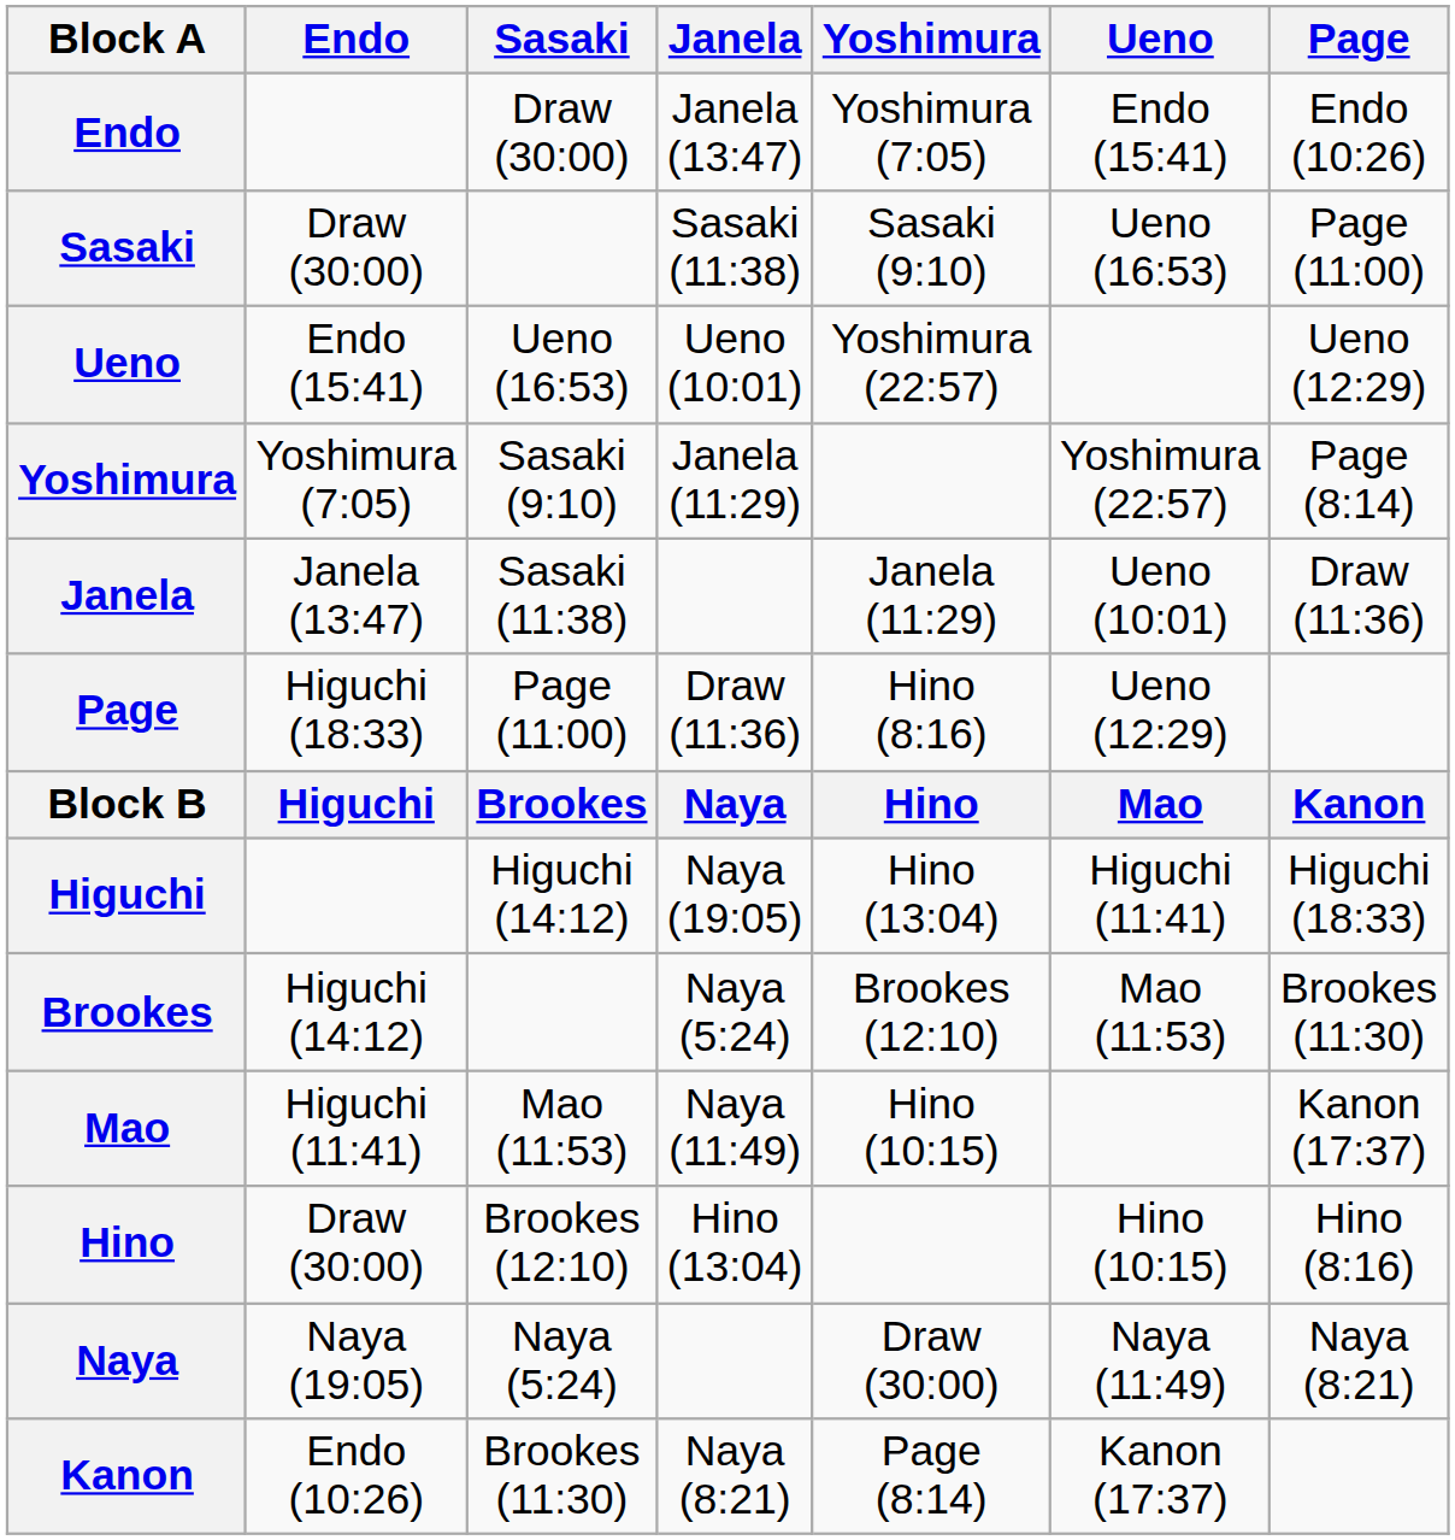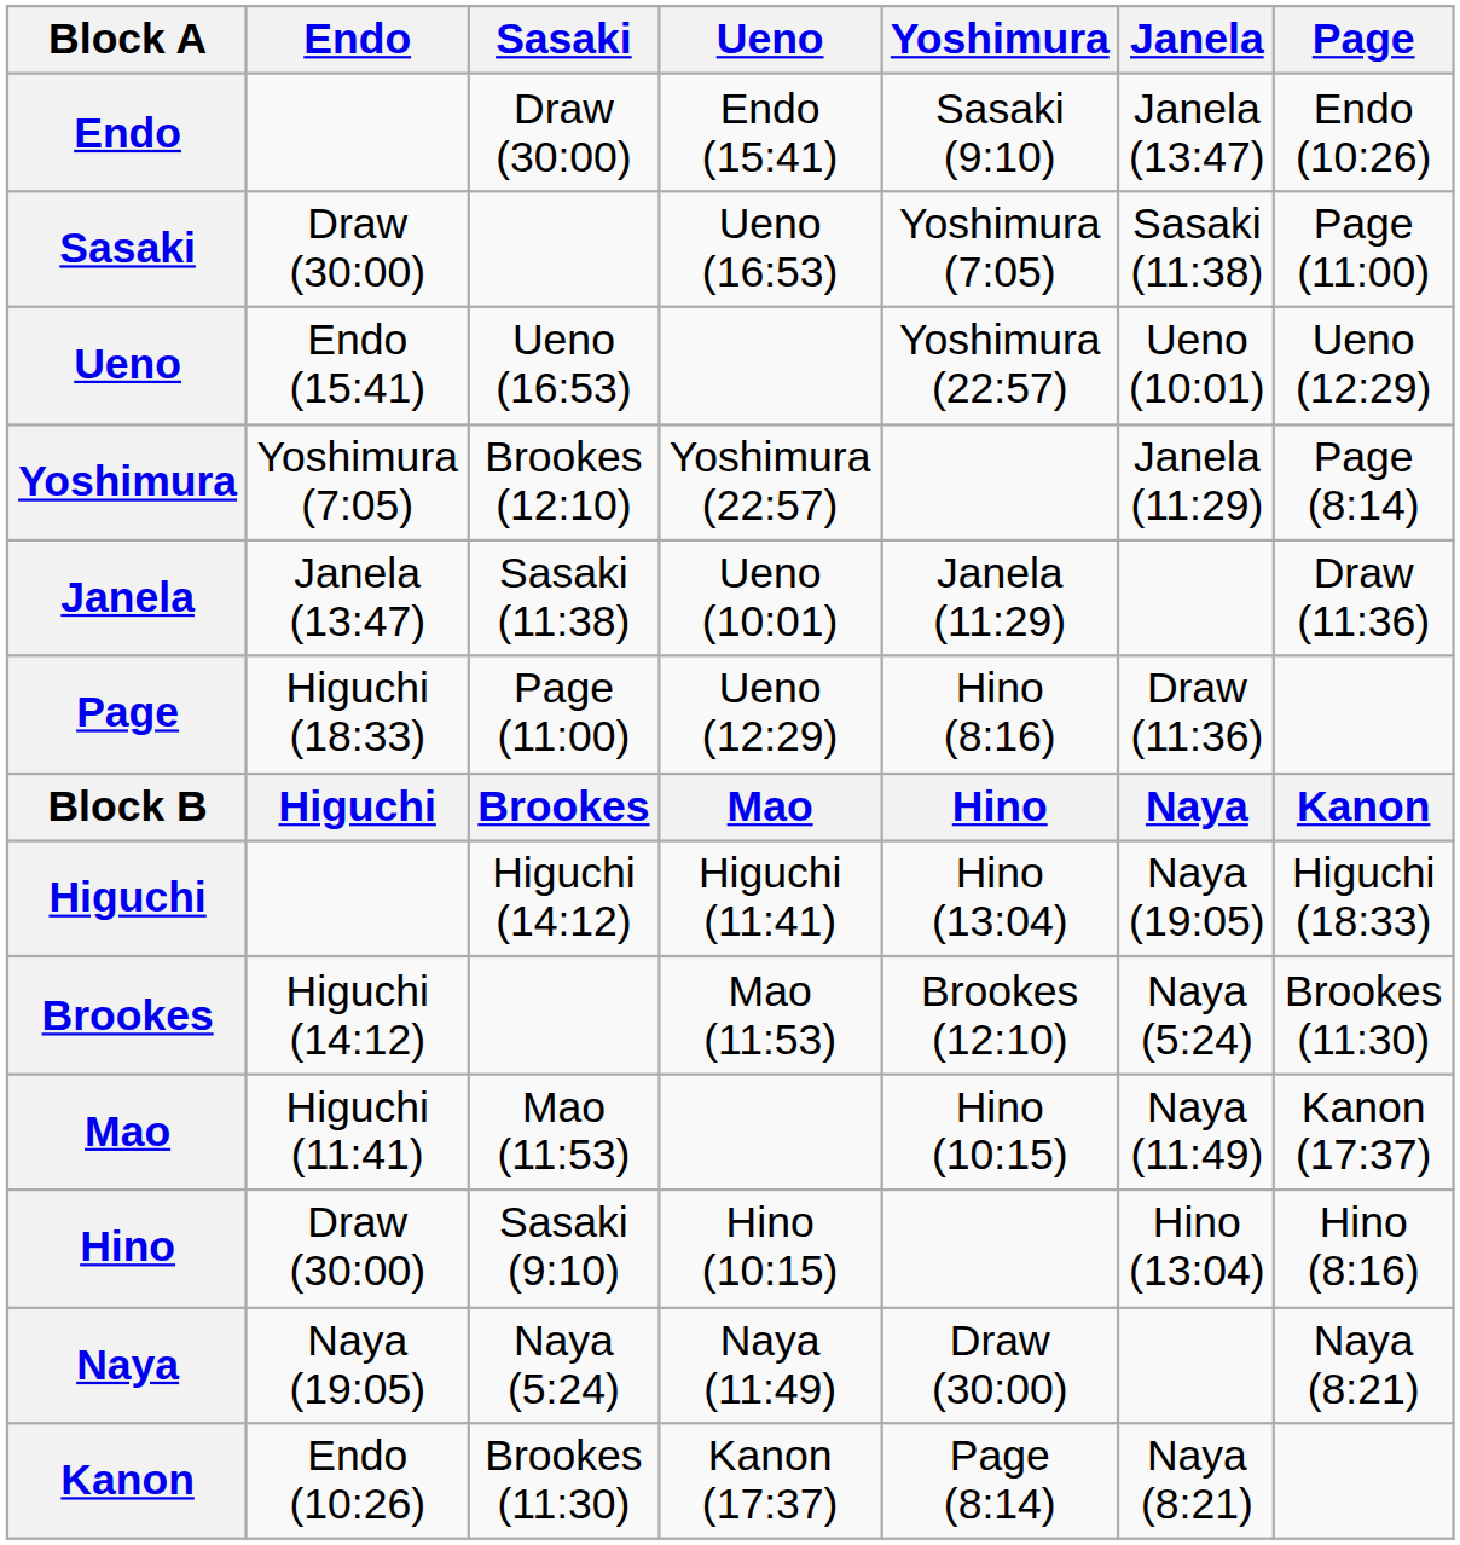 <table class="wikitable" style="margin: 1em auto 1em auto">
 <tr align="center">
 <th>Block A</th>
 <th><a href='#'>Endo</a></th>
 <th><a href='#'>Sasaki</a></th>
+<th><a href='#'>Ueno</a></th>
+<th><a href='#'>Yoshimura</a></th>
 <th><a href='#'>Janela</a></th>
-<th><a href='#'>Yoshimura</a></th>
-<th><a href='#'>Ueno</a></th>
 <th><a href='#'>Page</a></th>
 </tr>
 <tr align="center">
 <th><a href='#'>Endo</a></th>
 <td></td>
 <td>Draw<br>(30:00)</td>
+<td>Endo<br>(15:41)</td>
+<td>Sasaki<br>(9:10)</td>
 <td>Janela<br>(13:47)</td>
-<td>Yoshimura<br>(7:05)</td>
-<td>Endo<br>(15:41)</td>
 <td>Endo<br>(10:26)</td>
 </tr>
 <tr align="center">
 <th><a href='#'>Sasaki</a></th>
 <td>Draw<br>(30:00)</td>
 <td></td>
+<td>Ueno<br>(16:53)</td>
+<td>Yoshimura<br>(7:05)</td>
 <td>Sasaki<br>(11:38)</td>
-<td>Sasaki<br>(9:10)</td>
-<td>Ueno<br>(16:53)</td>
 <td>Page<br>(11:00)</td>
 </tr>
 <tr align="center">
 <th><a href='#'>Ueno</a></th>
 <td>Endo<br>(15:41)</td>
 <td>Ueno<br>(16:53)</td>
+<td></td>
+<td>Yoshimura<br>(22:57)</td>
 <td>Ueno<br>(10:01)</td>
-<td>Yoshimura<br>(22:57)</td>
-<td></td>
 <td>Ueno<br>(12:29)</td>
 </tr>
 <tr align="center">
 <th><a href='#'>Yoshimura</a></th>
 <td>Yoshimura<br>(7:05)</td>
-<td>Sasaki<br>(9:10)</td>
+<td>Brookes<br>(12:10)</td>
+<td>Yoshimura<br>(22:57)</td>
+<td></td>
 <td>Janela<br>(11:29)</td>
-<td></td>
-<td>Yoshimura<br>(22:57)</td>
 <td>Page<br>(8:14)</td>
 </tr>
 <tr align="center">
 <th><a href='#'>Janela</a></th>
 <td>Janela<br>(13:47)</td>
 <td>Sasaki<br>(11:38)</td>
+<td>Ueno<br>(10:01)</td>
+<td>Janela<br>(11:29)</td>
 <td></td>
-<td>Janela<br>(11:29)</td>
-<td>Ueno<br>(10:01)</td>
 <td>Draw<br>(11:36)</td>
 </tr>
 <tr align="center">
 <th><a href='#'>Page</a></th>
 <td>Higuchi<br>(18:33)</td>
 <td>Page<br>(11:00)</td>
+<td>Ueno<br>(12:29)</td>
+<td>Hino<br>(8:16)</td>
 <td>Draw<br>(11:36)</td>
-<td>Hino<br>(8:16)</td>
-<td>Ueno<br>(12:29)</td>
 <td></td>
 </tr>
 <tr align="center">
 <th>Block B</th>
 <th><a href='#'>Higuchi</a></th>
 <th><a href='#'>Brookes</a></th>
+<th><a href='#'>Mao</a></th>
+<th><a href='#'>Hino</a></th>
 <th><a href='#'>Naya</a></th>
-<th><a href='#'>Hino</a></th>
-<th><a href='#'>Mao</a></th>
 <th><a href='#'>Kanon</a></th>
 </tr>
 <tr align="center">
 <th><a href='#'>Higuchi</a></th>
 <td></td>
 <td>Higuchi<br>(14:12)</td>
+<td>Higuchi<br>(11:41)</td>
+<td>Hino<br>(13:04)</td>
 <td>Naya<br>(19:05)</td>
-<td>Hino<br>(13:04)</td>
-<td>Higuchi<br>(11:41)</td>
 <td>Higuchi<br>(18:33)</td>
 </tr>
 <tr align="center">
 <th><a href='#'>Brookes</a></th>
 <td>Higuchi<br>(14:12)</td>
 <td></td>
+<td>Mao<br>(11:53)</td>
+<td>Brookes<br>(12:10)</td>
 <td>Naya<br>(5:24)</td>
-<td>Brookes<br>(12:10)</td>
-<td>Mao<br>(11:53)</td>
 <td>Brookes<br>(11:30)</td>
 </tr>
 <tr align="center">
 <th><a href='#'>Mao</a></th>
 <td>Higuchi<br>(11:41)</td>
 <td>Mao<br>(11:53)</td>
+<td></td>
+<td>Hino<br>(10:15)</td>
 <td>Naya<br>(11:49)</td>
-<td>Hino<br>(10:15)</td>
-<td></td>
 <td>Kanon<br>(17:37)</td>
 </tr>
 <tr align="center">
 <th><a href='#'>Hino</a></th>
 <td>Draw<br>(30:00)</td>
-<td>Brookes<br>(12:10)</td>
+<td>Sasaki<br>(9:10)</td>
+<td>Hino<br>(10:15)</td>
+<td></td>
 <td>Hino<br>(13:04)</td>
-<td></td>
-<td>Hino<br>(10:15)</td>
 <td>Hino<br>(8:16)</td>
 </tr>
 <tr align="center">
 <th><a href='#'>Naya</a></th>
 <td>Naya<br>(19:05)</td>
 <td>Naya<br>(5:24)</td>
+<td>Naya<br>(11:49)</td>
+<td>Draw<br>(30:00)</td>
 <td></td>
-<td>Draw<br>(30:00)</td>
-<td>Naya<br>(11:49)</td>
 <td>Naya<br>(8:21)</td>
 </tr>
 <tr align="center">
 <th><a href='#'>Kanon</a></th>
 <td>Endo<br>(10:26)</td>
 <td>Brookes<br>(11:30)</td>
+<td>Kanon<br>(17:37)</td>
+<td>Page<br>(8:14)</td>
 <td>Naya<br>(8:21)</td>
-<td>Page<br>(8:14)</td>
-<td>Kanon<br>(17:37)</td>
 <td></td>
 </tr>
 </table>
